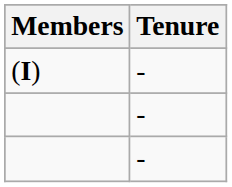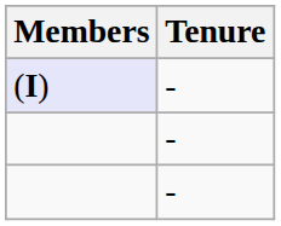 <table class="wikitable">
 <tr>
 <th>Members</th>
 <th>Tenure</th>
 </tr>
 <tr>
-<td> (<strong>I</strong>)</td>
+<td style="background: lavender;"> (<strong>I</strong>)</td>
 <td> - </td>
 </tr>
 <tr>
 <td></td>
 <td> - </td>
 </tr>
 <tr>
 <td></td>
 <td> - </td>
 </tr>
 </table>
